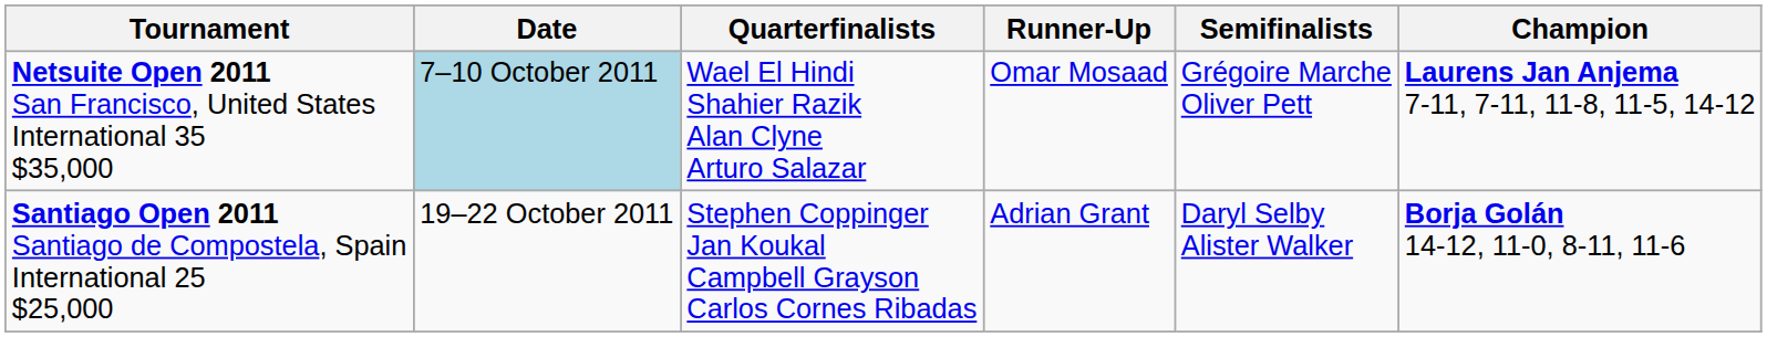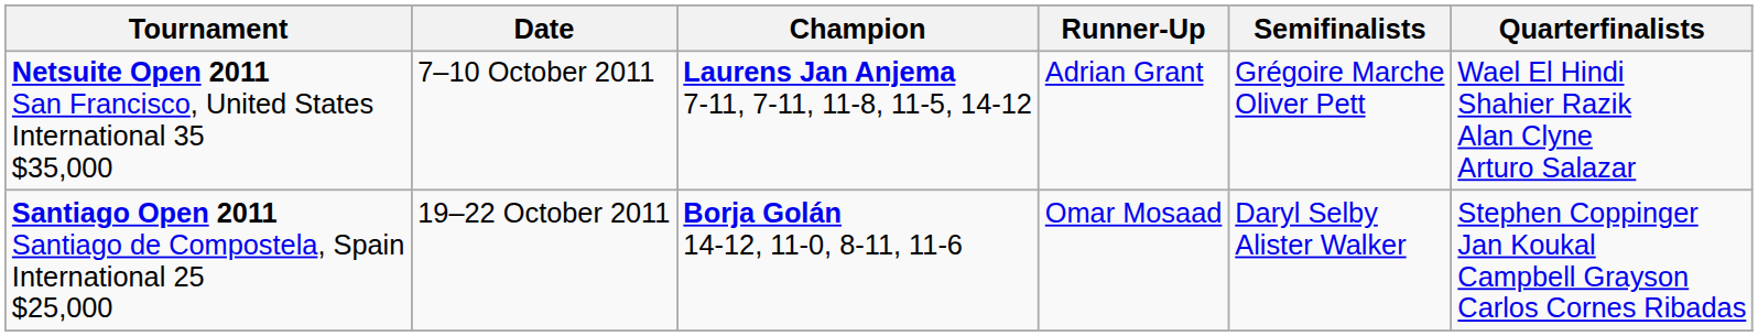 <table class="wikitable" style="font-size:88%">
 <tr>
 <th>Tournament</th>
 <th>Date</th>
-<th>Quarterfinalists</th>
+<th>Champion</th>
 <th>Runner-Up</th>
 <th>Semifinalists</th>
-<th>Champion</th>
+<th>Quarterfinalists</th>
 </tr>
 <tr valign=top>
 <td><strong><a href='#'>Netsuite Open</a> 2011</strong><br> <a href='#'>San Francisco</a>, United States<br>International 35<br>$35,000</td>
-<td style="background: lightblue;">7–10 October 2011</td>
+<td>7–10 October 2011</td>
+<td> <strong><a href='#'>Laurens Jan Anjema</a></strong><br>7-11, 7-11, 11-8, 11-5, 14-12</td>
+<td> <a href='#'>Adrian Grant</a></td>
+<td> <a href='#'>Grégoire Marche</a><br> <a href='#'>Oliver Pett</a></td>
 <td> <a href='#'>Wael El Hindi</a><br> <a href='#'>Shahier Razik</a><br> <a href='#'>Alan Clyne</a><br> <a href='#'>Arturo Salazar</a></td>
-<td> <a href='#'>Omar Mosaad</a></td>
-<td> <a href='#'>Grégoire Marche</a><br> <a href='#'>Oliver Pett</a></td>
-<td> <strong><a href='#'>Laurens Jan Anjema</a></strong><br>7-11, 7-11, 11-8, 11-5, 14-12</td>
 </tr>
 <tr valign=top>
 <td><strong><a href='#'>Santiago Open</a> 2011</strong><br> <a href='#'>Santiago de Compostela</a>, Spain<br>International 25<br>$25,000</td>
 <td>19–22 October 2011</td>
+<td> <strong><a href='#'>Borja Golán</a></strong><br>14-12, 11-0, 8-11, 11-6</td>
+<td> <a href='#'>Omar Mosaad</a></td>
+<td> <a href='#'>Daryl Selby</a><br> <a href='#'>Alister Walker</a></td>
 <td> <a href='#'>Stephen Coppinger</a><br> <a href='#'>Jan Koukal</a><br> <a href='#'>Campbell Grayson</a><br> <a href='#'>Carlos Cornes Ribadas</a></td>
-<td> <a href='#'>Adrian Grant</a></td>
-<td> <a href='#'>Daryl Selby</a><br> <a href='#'>Alister Walker</a></td>
-<td> <strong><a href='#'>Borja Golán</a></strong><br>14-12, 11-0, 8-11, 11-6</td>
 </tr>
 </table>
